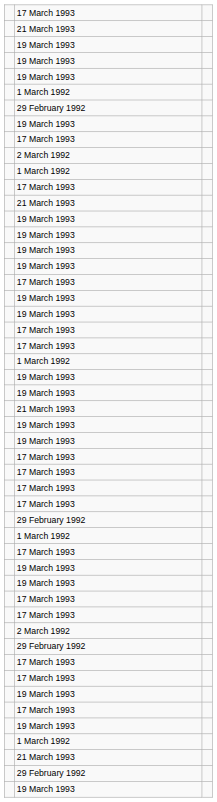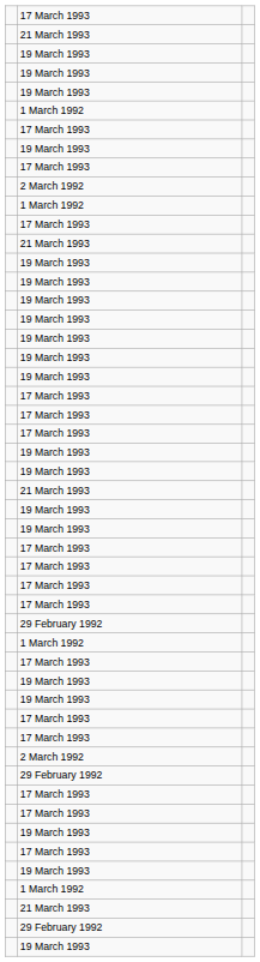 <table class="wikitable" style="font-size: 89%; float: left; width: 24em; margin-right: 1em;height: 1300px;">
 <tr>
 <td></td>
 <td>17 March 1993</td>
 <td></td>
 </tr>
 <tr>
 <td></td>
 <td>21 March 1993</td>
 <td></td>
 </tr>
 <tr>
 <td></td>
 <td>19 March 1993</td>
 <td></td>
 </tr>
 <tr>
 <td></td>
 <td>19 March 1993</td>
 <td></td>
 </tr>
 <tr>
 <td></td>
 <td>19 March 1993</td>
 <td></td>
 </tr>
 <tr>
 <td></td>
 <td>1 March 1992</td>
 <td></td>
 </tr>
 <tr>
 <td></td>
-<td>29 February 1992</td>
+<td>17 March 1993</td>
 <td></td>
 </tr>
 <tr>
 <td></td>
 <td>19 March 1993</td>
 <td></td>
 </tr>
 <tr>
 <td></td>
 <td>17 March 1993</td>
 <td></td>
 </tr>
 <tr>
 <td></td>
 <td>2 March 1992</td>
 <td></td>
 </tr>
 <tr>
 <td></td>
 <td>1 March 1992</td>
 <td></td>
 </tr>
 <tr>
 <td></td>
 <td>17 March 1993</td>
 <td></td>
 </tr>
 <tr>
 <td></td>
 <td>21 March 1993</td>
 <td></td>
 </tr>
 <tr>
 <td></td>
 <td>19 March 1993</td>
 <td></td>
 </tr>
 <tr>
 <td></td>
 <td>19 March 1993</td>
 <td></td>
 </tr>
 <tr>
 <td></td>
 <td>19 March 1993</td>
 <td></td>
 </tr>
 <tr>
 <td></td>
 <td>19 March 1993</td>
 <td></td>
 </tr>
 <tr>
 <td></td>
-<td>17 March 1993</td>
+<td>19 March 1993</td>
 <td></td>
 </tr>
 <tr>
 <td></td>
 <td>19 March 1993</td>
 <td></td>
 </tr>
 <tr>
 <td></td>
 <td>19 March 1993</td>
 <td></td>
 </tr>
 <tr>
 <td></td>
 <td>17 March 1993</td>
 <td></td>
 </tr>
 <tr>
 <td></td>
 <td>17 March 1993</td>
 <td></td>
 </tr>
 <tr>
 <td></td>
-<td>1 March 1992</td>
+<td>17 March 1993</td>
 <td></td>
 </tr>
 <tr>
 <td></td>
 <td>19 March 1993</td>
 <td></td>
 </tr>
 <tr>
 <td></td>
 <td>19 March 1993</td>
 <td></td>
 </tr>
 <tr>
 <td></td>
 <td>21 March 1993</td>
 <td></td>
 </tr>
 <tr>
 <td></td>
 <td>19 March 1993</td>
 <td></td>
 </tr>
 <tr>
 <td></td>
 <td>19 March 1993</td>
 <td></td>
 </tr>
 <tr>
 <td></td>
 <td>17 March 1993</td>
 <td></td>
 </tr>
 <tr>
 <td></td>
 <td>17 March 1993</td>
 <td></td>
 </tr>
 <tr>
 <td></td>
 <td>17 March 1993</td>
 <td></td>
 </tr>
 <tr>
 <td></td>
 <td>17 March 1993</td>
 <td></td>
 </tr>
 <tr>
 <td></td>
 <td>29 February 1992</td>
 <td></td>
 </tr>
 <tr>
 <td></td>
 <td>1 March 1992</td>
 <td></td>
 </tr>
 <tr>
 <td></td>
 <td>17 March 1993</td>
 <td></td>
 </tr>
 <tr>
 <td></td>
 <td>19 March 1993</td>
 <td></td>
 </tr>
 <tr>
 <td></td>
 <td>19 March 1993</td>
 <td></td>
 </tr>
 <tr>
 <td></td>
 <td>17 March 1993</td>
 <td></td>
 </tr>
 <tr>
 <td></td>
 <td>17 March 1993</td>
 <td></td>
 </tr>
 <tr>
 <td></td>
 <td>2 March 1992</td>
 <td></td>
 </tr>
 <tr>
 <td></td>
 <td>29 February 1992</td>
 <td></td>
 </tr>
 <tr>
 <td></td>
 <td>17 March 1993</td>
 <td></td>
 </tr>
 <tr>
 <td></td>
 <td>17 March 1993</td>
 <td></td>
 </tr>
 <tr>
 <td></td>
 <td>19 March 1993</td>
 <td></td>
 </tr>
 <tr>
 <td></td>
 <td>17 March 1993</td>
 <td></td>
 </tr>
 <tr>
 <td></td>
 <td>19 March 1993</td>
 <td></td>
 </tr>
 <tr>
 <td></td>
 <td>1 March 1992</td>
 <td></td>
 </tr>
 <tr>
 <td></td>
 <td>21 March 1993</td>
 <td></td>
 </tr>
 <tr>
 <td></td>
 <td>29 February 1992</td>
 <td></td>
 </tr>
 <tr>
 <td></td>
 <td>19 March 1993</td>
 <td></td>
 </tr>
 </table>
